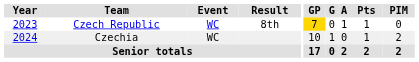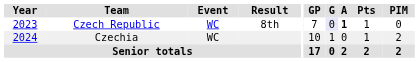 <table border="0" cellpadding="1" cellspacing="0" ID="Table3" style="text-align:center; width:40em">
 <tr ALIGN="center" bgcolor="#e0e0e0">
 <th>Year</th>
 <th>Team</th>
 <th>Event</th>
 <th>Result</th>
 <th rowspan="99" bgcolor="#ffffff"></th>
 <th>GP</th>
 <th>G</th>
 <th>A</th>
 <th>Pts</th>
 <th>PIM</th>
 </tr>
 <tr>
 <td><a href='#'>2023</a></td>
 <td><a href='#'>Czech Republic</a></td>
 <td><a href='#'>WC</a></td>
 <td>8th</td>
-<td style="background: gold;">7</td>
-<td>0</td>
-<td>1</td>
+<td>7</td>
+<td style="background: lavender;">0</td>
+<td><strong>1</strong></td>
 <td>1</td>
 <td>0</td>
 </tr>
 <tr bgcolor="#f0f0f0">
 <td><a href='#'>2024</a></td>
 <td>Czechia</td>
 <td>WC</td>
 <td></td>
 <td>10</td>
 <td>1</td>
 <td>0</td>
 <td>1</td>
 <td>2</td>
 </tr>
 <tr bgcolor="#e0e0e0">
 <th colspan="4">Senior totals</th>
 <th>17</th>
 <th>0</th>
 <th>2</th>
 <th>2</th>
 <th>2</th>
 </tr>
 </table>
